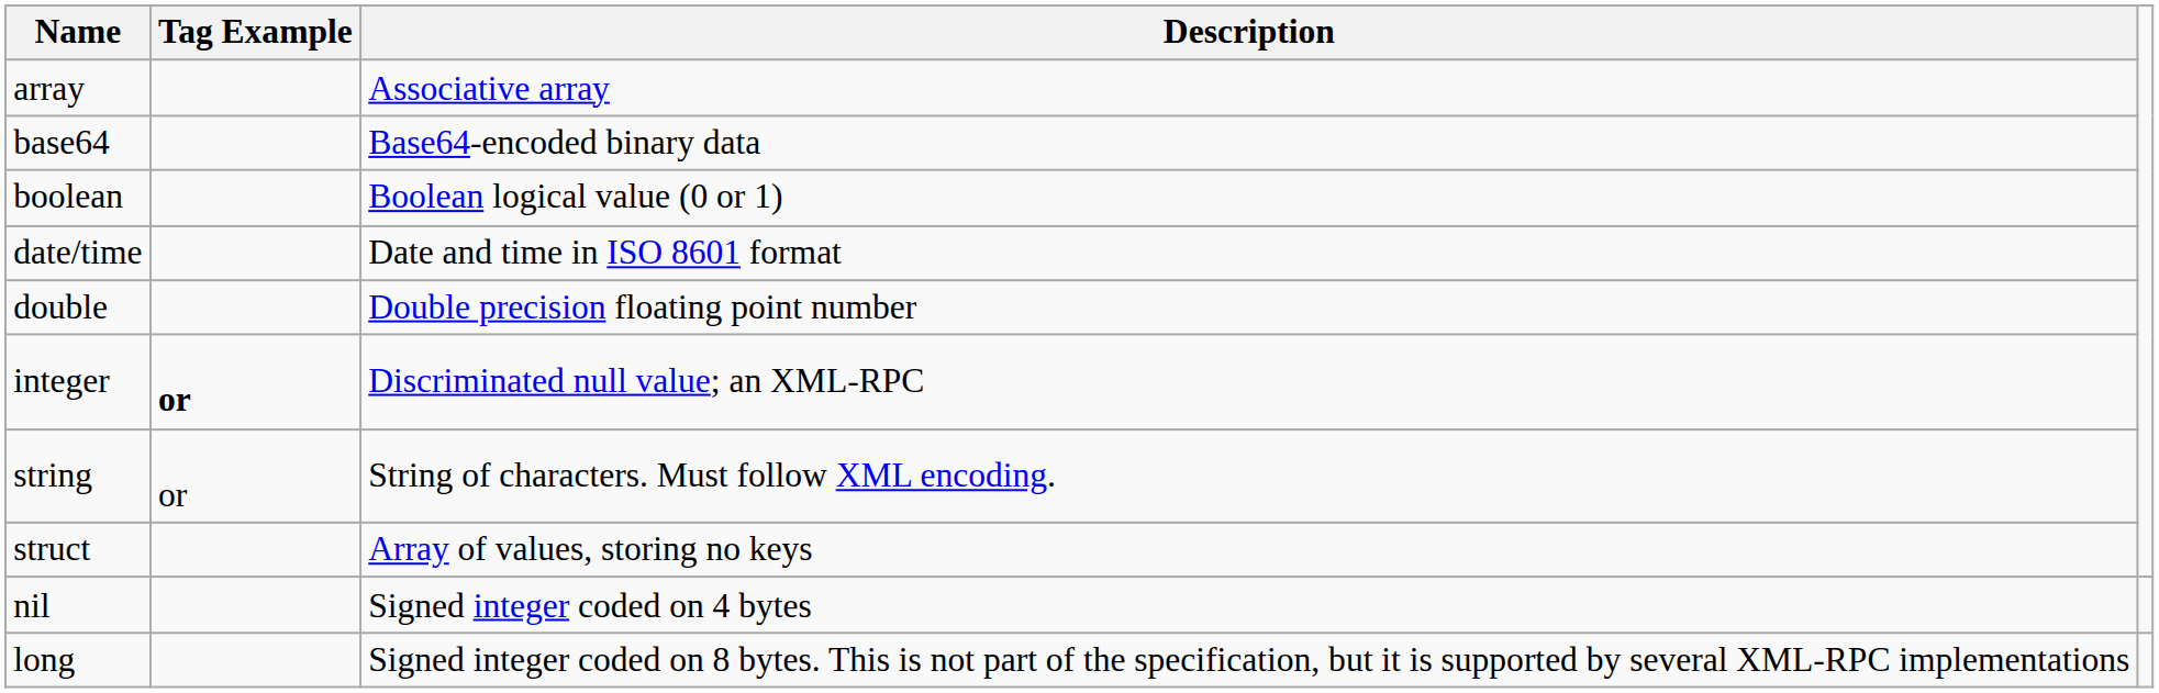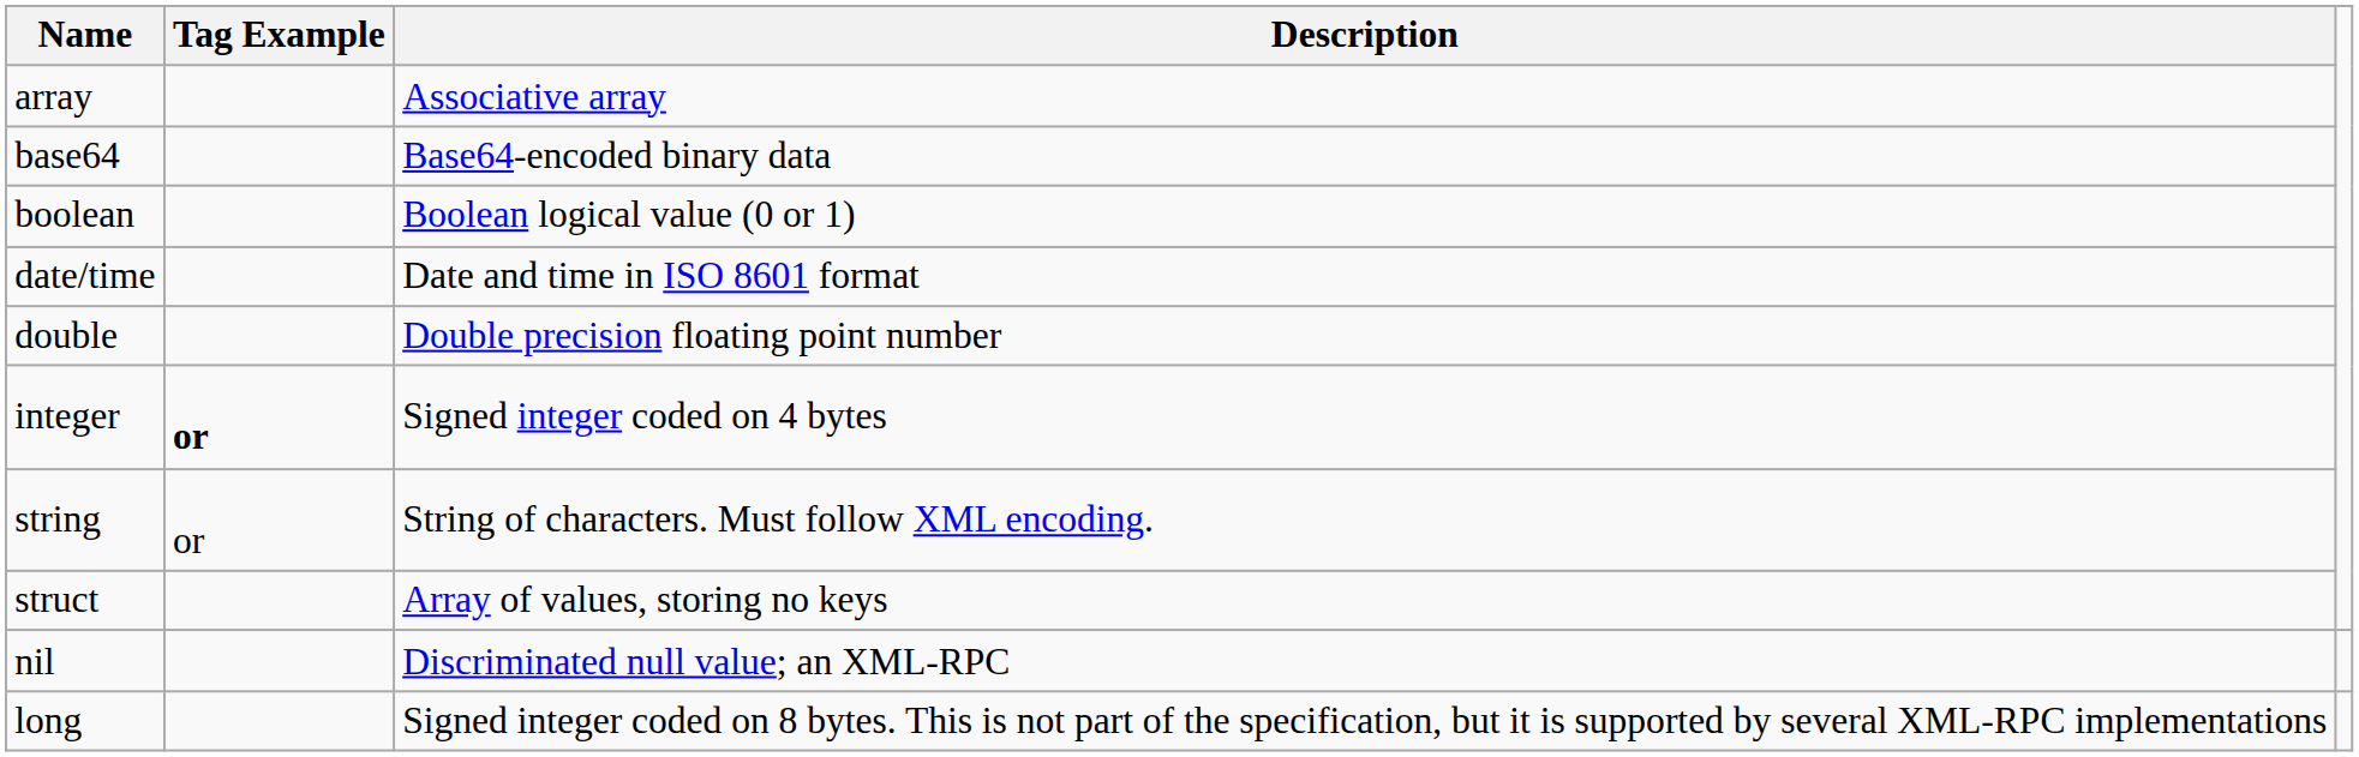 <table class="wikitable">
 <tr>
 <th>Name</th>
 <th>Tag Example</th>
 <th>Description</th>
 </tr>
 <tr>
 <td>array</td>
 <td><br></td>
 <td><a href='#'>Associative array</a></td>
 </tr>
 <tr>
 <td>base64</td>
 <td><br></td>
 <td><a href='#'>Base64</a>-encoded binary data</td>
 </tr>
 <tr>
 <td>boolean</td>
 <td><br></td>
 <td><a href='#'>Boolean</a> logical value (0 or 1)</td>
 </tr>
 <tr>
 <td>date/time</td>
 <td><br></td>
 <td>Date and time in <a href='#'>ISO 8601</a> format</td>
 </tr>
 <tr>
 <td>double</td>
 <td><br></td>
 <td><a href='#'>Double precision</a> floating point number</td>
 </tr>
 <tr>
 <td>integer</td>
 <td><strong><br> or </strong></td>
-<td><a href='#'>Discriminated null value</a>; an XML-RPC </td>
+<td>Signed <a href='#'>integer</a> coded on 4 bytes</td>
 </tr>
 <tr>
 <td>string</td>
 <td><br> or </td>
 <td>String of characters. Must follow <a href='#'>XML encoding</a>.</td>
 </tr>
 <tr>
 <td>struct</td>
 <td><br></td>
 <td><a href='#'>Array</a> of values, storing no keys</td>
 </tr>
 <tr>
 <td>nil</td>
 <td><br></td>
-<td>Signed <a href='#'>integer</a> coded on 4 bytes</td>
+<td><a href='#'>Discriminated null value</a>; an XML-RPC </td>
 <td></td>
 </tr>
 <tr>
 <td>long</td>
 <td><br></td>
 <td>Signed integer coded on 8 bytes. This is not part of the specification, but it is supported by several XML-RPC implementations</td>
 </tr>
 </table>
